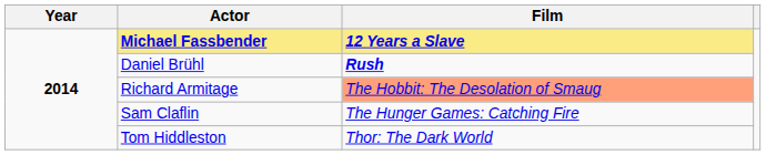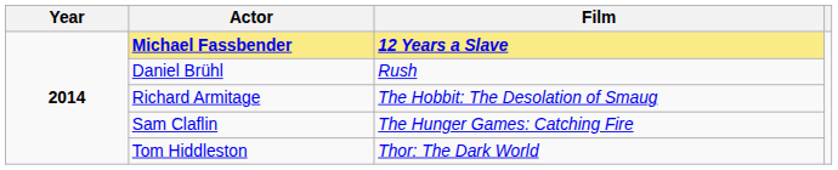 <table class="wikitable" width="50%">
 <tr>
 <th width="15%">Year</th>
 <th width="30%">Actor</th>
 <th width="60%">Film</th>
 <th width="2%"></th>
 </tr>
 <tr>
 <td rowspan="5" style="text-align:center"><strong>2014<br> </strong></td>
 <td style="background:#FAEB86"><strong><a href='#'>Michael Fassbender</a></strong></td>
 <td style="background:#FAEB86"><strong><em><a href='#'>12 Years a Slave</a></em></strong></td>
 <td rowspan="5" style="text-align:center"></td>
 </tr>
 <tr>
 <td><a href='#'>Daniel Brühl</a></td>
-<td><strong><em><a href='#'>Rush</a></em></strong></td>
+<td><em><a href='#'>Rush</a></em></td>
 </tr>
 <tr>
 <td><a href='#'>Richard Armitage</a></td>
-<td style="background: lightsalmon;"><em><a href='#'>The Hobbit: The Desolation of Smaug</a></em></td>
+<td><em><a href='#'>The Hobbit: The Desolation of Smaug</a></em></td>
 </tr>
 <tr>
 <td><a href='#'>Sam Claflin</a></td>
 <td><em><a href='#'>The Hunger Games: Catching Fire</a></em></td>
 </tr>
 <tr>
 <td><a href='#'>Tom Hiddleston</a></td>
 <td><em><a href='#'>Thor: The Dark World</a></em></td>
 </tr>
 </table>
